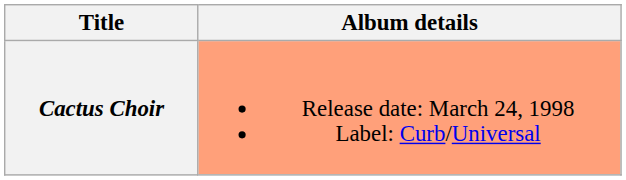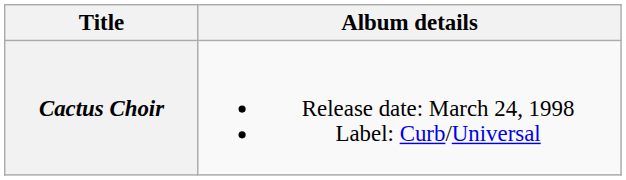 <table class="wikitable plainrowheaders" style="text-align:center;">
 <tr>
 <th style="width:8em;">Title</th>
 <th style="width:18em;">Album details</th>
 </tr>
 <tr>
 <th scope="row"><em>Cactus Choir</em></th>
-<td style="background: lightsalmon;"><br><ul><li>Release date: March 24, 1998</li><li>Label: <a href='#'>Curb</a>/<a href='#'>Universal</a></li></ul></td>
+<td><br><ul><li>Release date: March 24, 1998</li><li>Label: <a href='#'>Curb</a>/<a href='#'>Universal</a></li></ul></td>
 </tr>
 </table>
